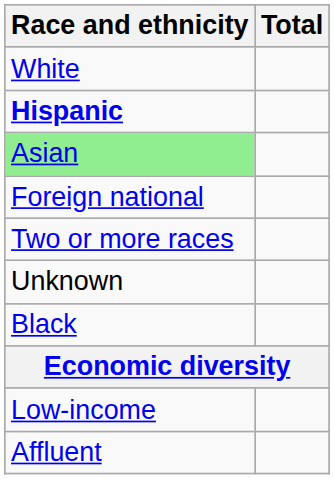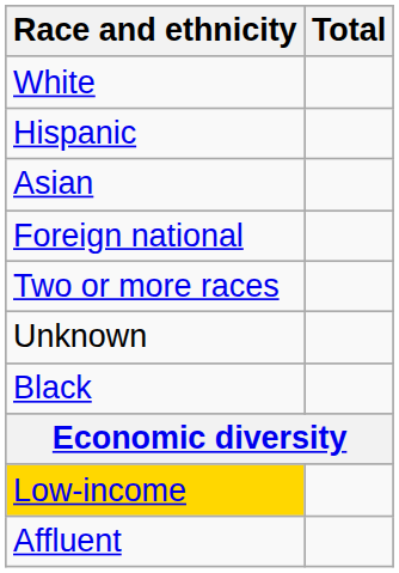 <table class="wikitable floatright sortable collapsible"; text-align:right; font-size:80%;">
 <tr>
 <th>Race and ethnicity</th>
 <th colspan="2" data-sort-type=number>Total</th>
 </tr>
 <tr>
 <td><a href='#'>White</a></td>
 <td align=right></td>
 </tr>
 <tr>
-<td><strong><a href='#'>Hispanic</a></strong></td>
+<td><a href='#'>Hispanic</a></td>
 <td align=right></td>
 </tr>
 <tr>
-<td style="background: lightgreen;"><a href='#'>Asian</a></td>
+<td><a href='#'>Asian</a></td>
 <td align=right></td>
 </tr>
 <tr>
 <td><a href='#'>Foreign national</a></td>
 <td align=right></td>
 </tr>
 <tr>
 <td><a href='#'>Two or more races</a></td>
 <td align=right></td>
 </tr>
 <tr>
 <td>Unknown</td>
 <td align=right></td>
 </tr>
 <tr>
 <td><a href='#'>Black</a></td>
 <td align=right></td>
 </tr>
 <tr>
 <th colspan="4" data-sort-type=number><a href='#'>Economic diversity</a></th>
 </tr>
 <tr>
-<td><a href='#'>Low-income</a></td>
+<td style="background: gold;"><a href='#'>Low-income</a></td>
 <td align=right></td>
 </tr>
 <tr>
 <td><a href='#'>Affluent</a></td>
 <td align=right></td>
 </tr>
 </table>
